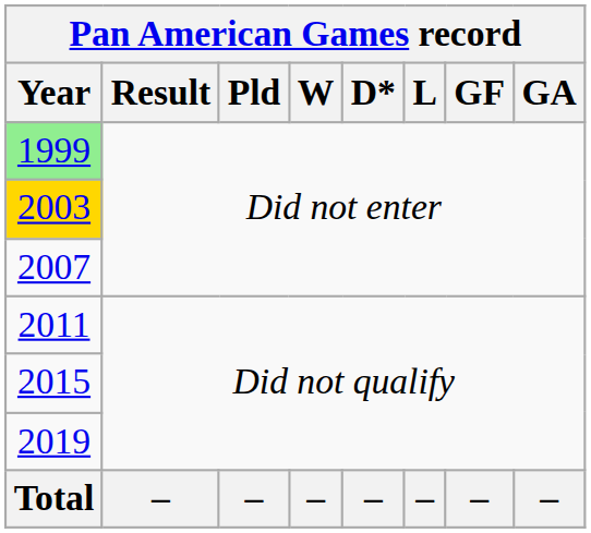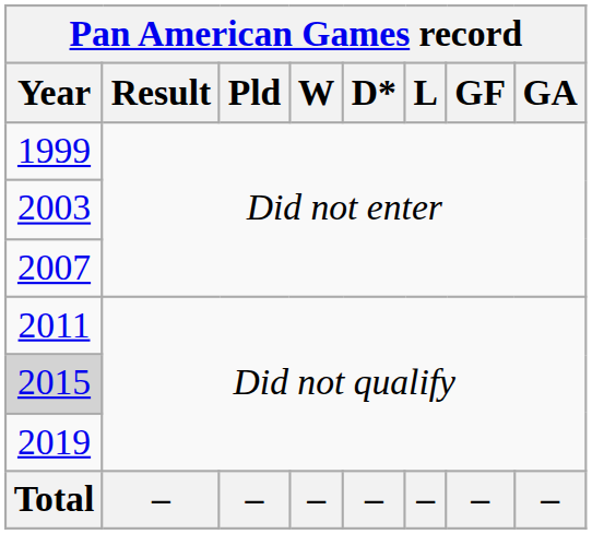 <table class="wikitable" style="text-align: center;">
 <tr>
 <th colspan=8><a href='#'>Pan American Games</a> record</th>
 </tr>
 <tr>
 <th>Year</th>
 <th>Result</th>
 <th>Pld</th>
 <th>W</th>
 <th>D*</th>
 <th>L</th>
 <th>GF</th>
 <th>GA</th>
 </tr>
 <tr>
-<td style="background: lightgreen;"> <a href='#'>1999</a></td>
+<td> <a href='#'>1999</a></td>
 <td colspan=7 rowspan=3><em>Did not enter</em></td>
 </tr>
 <tr>
-<td style="background: gold;"> <a href='#'>2003</a></td>
+<td> <a href='#'>2003</a></td>
 </tr>
 <tr>
 <td> <a href='#'>2007</a></td>
 </tr>
 <tr>
 <td> <a href='#'>2011</a></td>
 <td colspan=7 rowspan=3><em>Did not qualify</em></td>
 </tr>
 <tr>
-<td> <a href='#'>2015</a></td>
+<td style="background: lightgrey;"> <a href='#'>2015</a></td>
 </tr>
 <tr>
 <td> <a href='#'>2019</a></td>
 </tr>
 <tr>
 <th>Total</th>
 <th>–</th>
 <th>–</th>
 <th>–</th>
 <th>–</th>
 <th>–</th>
 <th>–</th>
 <th>–</th>
 </tr>
 </table>
